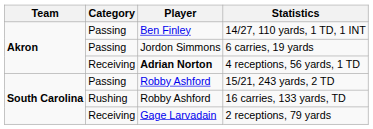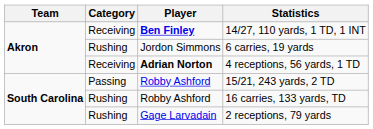 <table class="wikitable" style="float: right;">
 <tr>
 <th>Team</th>
 <th>Category</th>
 <th>Player</th>
 <th>Statistics</th>
 </tr>
 <tr>
 <td rowspan=3><strong>Akron</strong></td>
-<td>Passing</td>
-<td><a href='#'>Ben Finley</a></td>
+<td>Receiving</td>
+<td><strong><a href='#'>Ben Finley</a></strong></td>
 <td>14/27, 110 yards, 1 TD, 1 INT</td>
 </tr>
 <tr>
-<td>Passing</td>
+<td>Rushing</td>
 <td>Jordon Simmons</td>
 <td>6 carries, 19 yards</td>
 </tr>
 <tr>
 <td>Receiving</td>
 <td><strong>Adrian Norton</strong></td>
 <td>4 receptions, 56 yards, 1 TD</td>
 </tr>
 <tr>
 <td rowspan=3><strong>South Carolina</strong></td>
 <td>Passing</td>
 <td><a href='#'>Robby Ashford</a></td>
 <td>15/21, 243 yards, 2 TD</td>
 </tr>
 <tr>
 <td>Rushing</td>
 <td>Robby Ashford</td>
 <td>16 carries, 133 yards, TD</td>
 </tr>
 <tr>
-<td>Receiving</td>
+<td>Rushing</td>
 <td><a href='#'>Gage Larvadain</a></td>
 <td>2 receptions, 79 yards</td>
 </tr>
 </table>
